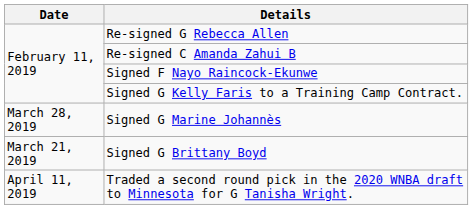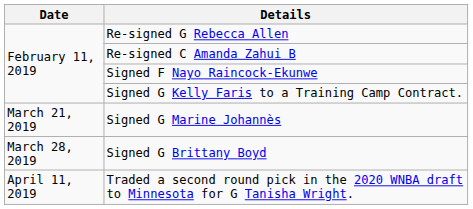 <table class="wikitable" style="width:80%">
 <tr>
 <th>Date</th>
 <th>Details</th>
 </tr>
 <tr>
 <td rowspan=4>February 11, 2019</td>
 <td>Re-signed G <a href='#'>Rebecca Allen</a></td>
 </tr>
 <tr>
 <td>Re-signed C <a href='#'>Amanda Zahui B</a></td>
 </tr>
 <tr>
 <td>Signed F <a href='#'>Nayo Raincock-Ekunwe</a></td>
 </tr>
 <tr>
 <td>Signed G <a href='#'>Kelly Faris</a> to a Training Camp Contract.</td>
 </tr>
 <tr>
-<td>March 28, 2019</td>
+<td>March 21, 2019</td>
 <td>Signed G <a href='#'>Marine Johannès</a></td>
 </tr>
 <tr>
-<td>March 21, 2019</td>
+<td>March 28, 2019</td>
 <td>Signed G <a href='#'>Brittany Boyd</a></td>
 </tr>
 <tr>
 <td>April 11, 2019</td>
 <td>Traded a second round pick in the <a href='#'>2020 WNBA draft</a> to <a href='#'>Minnesota</a> for G <a href='#'>Tanisha Wright</a>.</td>
 </tr>
 </table>
